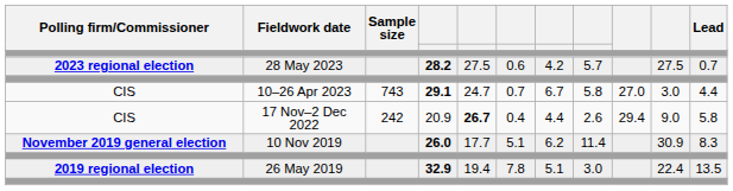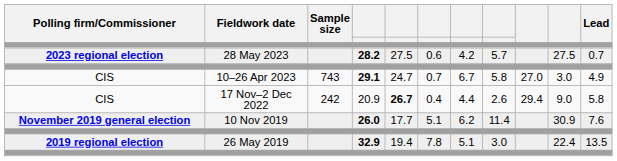 <table class="wikitable collapsible collapsed" style="text-align:center; font-size:90%; line-height:14px;">
 <tr style="height:42px;">
 <th style="width:250px;" rowspan="2">Polling firm/Commissioner</th>
 <th style="width:125px;" rowspan="2">Fieldwork date</th>
 <th style="width:50px;" rowspan="2">Sample size</th>
 <th style="width:35px;"></th>
 <th style="width:35px;"></th>
 <th style="width:35px;"></th>
 <th style="width:35px;"></th>
 <th style="width:35px;"></th>
 <th style="width:35px;" rowspan="2"></th>
 <th style="width:35px;" rowspan="2"></th>
 <th style="width:30px;" rowspan="2">Lead</th>
 </tr>
 <tr>
 <th style="color:inherit;background:"></th>
 <th style="color:inherit;background:"></th>
 <th style="color:inherit;background:"></th>
 <th style="color:inherit;background:"></th>
 <th style="color:inherit;background:"></th>
 </tr>
 <tr>
 <td colspan="11" style="background:#A0A0A0"></td>
 </tr>
 <tr style="background:#EFEFEF;">
 <td><strong><a href='#'>2023 regional election</a></strong></td>
 <td>28 May 2023</td>
 <td></td>
 <td><strong>28.2</strong></td>
 <td>27.5</td>
 <td>0.6</td>
 <td>4.2</td>
 <td>5.7</td>
 <td></td>
 <td>27.5</td>
 <td style="background:">0.7</td>
 </tr>
 <tr>
 <td colspan="11" style="background:#A0A0A0"></td>
 </tr>
 <tr>
 <td>CIS</td>
 <td>10–26 Apr 2023</td>
 <td>743</td>
 <td><strong>29.1</strong></td>
 <td>24.7</td>
 <td>0.7</td>
 <td>6.7</td>
 <td>5.8</td>
 <td>27.0</td>
 <td>3.0</td>
-<td style="background:">4.4</td>
+<td style="background:">4.9</td>
 </tr>
 <tr>
 <td>CIS</td>
 <td>17 Nov–2 Dec 2022</td>
 <td>242</td>
 <td>20.9</td>
 <td><strong>26.7</strong></td>
 <td>0.4</td>
 <td>4.4</td>
 <td>2.6</td>
 <td>29.4</td>
 <td>9.0</td>
 <td style="background:">5.8</td>
 </tr>
 <tr style="background:#EFEFEF;">
 <td><strong><a href='#'>November 2019 general election</a></strong></td>
 <td>10 Nov 2019</td>
 <td></td>
 <td><strong>26.0</strong></td>
 <td>17.7</td>
 <td>5.1</td>
 <td>6.2</td>
 <td>11.4</td>
 <td></td>
 <td>30.9</td>
-<td style="background:">8.3</td>
+<td style="background:">7.6</td>
 </tr>
 <tr>
 <td colspan="11" style="background:#A0A0A0"></td>
 </tr>
 <tr style="background:#EFEFEF;">
 <td><strong><a href='#'>2019 regional election</a></strong></td>
 <td>26 May 2019</td>
 <td></td>
 <td><strong>32.9</strong></td>
 <td>19.4</td>
 <td>7.8</td>
 <td>5.1</td>
 <td>3.0</td>
 <td></td>
 <td>22.4</td>
 <td style="background:">13.5</td>
 </tr>
 <tr>
 <td colspan="11" style="background:#A0A0A0"></td>
 </tr>
 </table>
